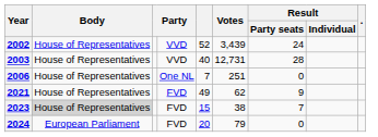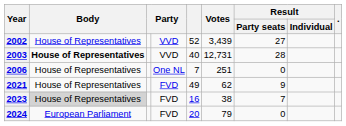 <table class="wikitable plainrowheaders sortable" border=2 cellpadding=4 cellspacing=0 style="border: 1px #aaa solid; font-size: 90%; text-align:center;">
 <tr>
 <th scope="col" rowspan=2>Year</th>
 <th scope="col" rowspan=2>Body</th>
 <th scope="col" colspan=2 rowspan=2>Party</th>
 <th scope="col" rowspan=2></th>
 <th scope="col" rowspan=2>Votes</th>
 <th scope="colgroup" colspan=2>Result</th>
 <th scope="col" rowspan=2 class="unsortable">.</th>
 </tr>
 <tr>
 <th scope="col">Party seats</th>
 <th scope="col">Individual</th>
 </tr>
 <tr>
 <th scope="row"><a href='#'>2002</a></th>
 <td><a href='#'>House of Representatives</a></td>
 <td style="background-color:"></td>
 <td><a href='#'>VVD</a></td>
 <td style=text-align:right>52</td>
 <td style=text-align:right>3,439</td>
-<td style=text-align:right>24</td>
+<td style=text-align:right>27</td>
 <td></td>
 <td></td>
 </tr>
 <tr>
 <th scope="row"><a href='#'>2003</a></th>
-<td>House of Representatives</td>
+<td><strong>House of Representatives</strong></td>
 <td style="background-color:"></td>
 <td>VVD</td>
 <td style=text-align:right>40</td>
 <td style=text-align:right>12,731</td>
 <td style=text-align:right>28</td>
 <td></td>
 <td></td>
 </tr>
 <tr>
 <th scope="row"><a href='#'>2006</a></th>
 <td>House of Representatives</td>
 <td style="background-color:"></td>
 <td><a href='#'>One NL</a></td>
 <td style=text-align:right>7</td>
 <td style=text-align:right>251</td>
 <td style=text-align:right>0</td>
 <td></td>
 <td></td>
 </tr>
 <tr>
 <th scope="row"><a href='#'>2021</a></th>
 <td>House of Representatives</td>
 <td style="background-color:"></td>
 <td><a href='#'>FVD</a></td>
 <td style=text-align:right>49</td>
 <td style=text-align:right>62</td>
 <td style=text-align:right>9</td>
 <td></td>
 <td></td>
 </tr>
 <tr>
 <th scope="row"><a href='#'>2023</a></th>
 <td style="background: lightgrey;">House of Representatives</td>
 <td style="background-color:"></td>
 <td>FVD</td>
-<td style=text-align:right><a href='#'>15</a></td>
+<td style=text-align:right><a href='#'>16</a></td>
 <td style=text-align:right>38</td>
 <td style=text-align:right>7</td>
 <td></td>
 <td></td>
 </tr>
 <tr>
 <th scope="row"><a href='#'>2024</a></th>
 <td><a href='#'>European Parliament</a></td>
 <td style="background-color:"></td>
 <td>FVD</td>
 <td style=text-align:right><a href='#'>20</a></td>
 <td style=text-align:right>79</td>
 <td style=text-align:right>0</td>
 <td></td>
 <td></td>
 </tr>
 </table>
